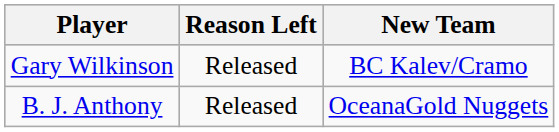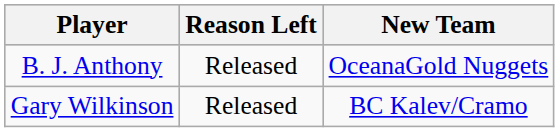 <table class="wikitable sortable sortable">
 <tr>
 <th>Player</th>
 <th>Reason Left</th>
 <th>New Team</th>
 </tr>
+<tr style="text-align: center">
+<td><a href='#'>B. J. Anthony</a></td>
+<td>Released</td>
+<td><a href='#'>OceanaGold Nuggets</a></td>
+</tr>
 <tr style="text-align: center;">
 <td><a href='#'>Gary Wilkinson</a></td>
 <td>Released</td>
 <td><a href='#'>BC Kalev/Cramo</a></td>
 </tr>
-<tr style="text-align: center">
-<td><a href='#'>B. J. Anthony</a></td>
-<td>Released</td>
-<td><a href='#'>OceanaGold Nuggets</a></td>
-</tr>
 </table>
